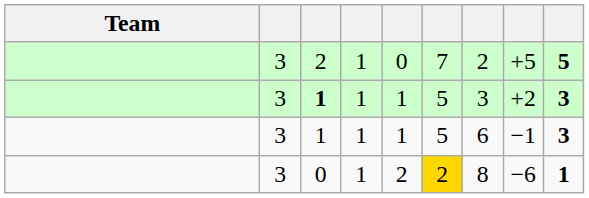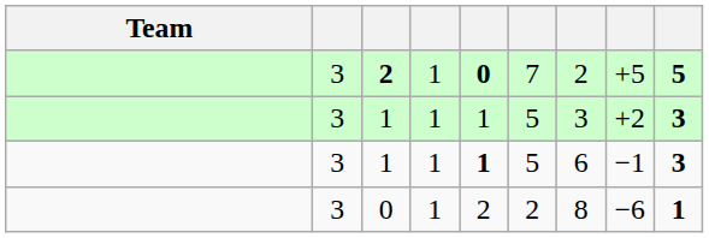 <table class="wikitable" style="text-align:center">
 <tr>
 <th width=165>Team</th>
 <th width=20></th>
 <th width=20></th>
 <th width=20></th>
 <th width=20></th>
 <th width=20></th>
 <th width=20></th>
 <th width=20></th>
 <th width=20></th>
 </tr>
 <tr style="background:#cfc;">
 <td align="left"></td>
 <td>3</td>
-<td>2</td>
+<td><strong>2</strong></td>
 <td>1</td>
-<td>0</td>
+<td><strong>0</strong></td>
 <td>7</td>
 <td>2</td>
 <td>+5</td>
 <td><strong>5</strong></td>
 </tr>
 <tr style="background:#cfc;">
 <td align="left"></td>
 <td>3</td>
-<td><strong>1</strong></td>
+<td>1</td>
 <td>1</td>
 <td>1</td>
 <td>5</td>
 <td>3</td>
 <td>+2</td>
 <td><strong>3</strong></td>
 </tr>
 <tr>
 <td align="left"></td>
 <td>3</td>
 <td>1</td>
 <td>1</td>
-<td>1</td>
+<td><strong>1</strong></td>
 <td>5</td>
 <td>6</td>
 <td>−1</td>
 <td><strong>3</strong></td>
 </tr>
 <tr>
 <td align="left"></td>
 <td>3</td>
 <td>0</td>
 <td>1</td>
 <td>2</td>
-<td style="background: gold;">2</td>
+<td>2</td>
 <td>8</td>
 <td>−6</td>
 <td><strong>1</strong></td>
 </tr>
 </table>
